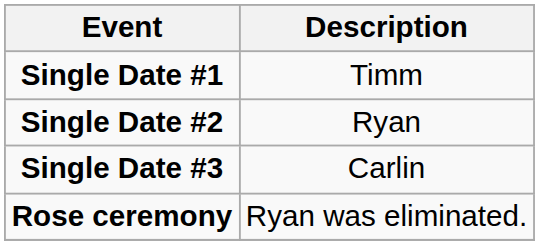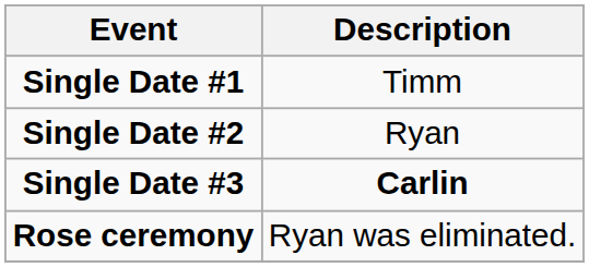 <table class="wikitable sortable" style="text-align:center;">
 <tr>
 <th>Event</th>
 <th>Description</th>
 </tr>
 <tr>
 <td><strong>Single Date #1</strong></td>
 <td>Timm</td>
 </tr>
 <tr>
 <td><strong>Single Date #2</strong></td>
 <td>Ryan</td>
 </tr>
 <tr>
 <td><strong>Single Date #3</strong></td>
-<td>Carlin</td>
+<td><strong>Carlin</strong></td>
 </tr>
 <tr>
 <td><strong>Rose ceremony</strong></td>
 <td>Ryan was eliminated.</td>
 </tr>
 <tr>
 </tr>
 </table>
